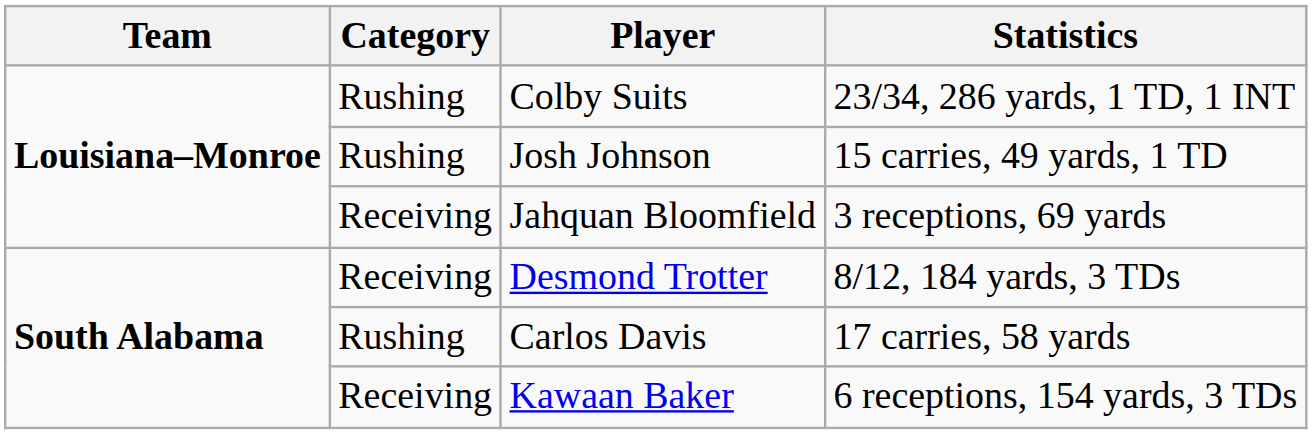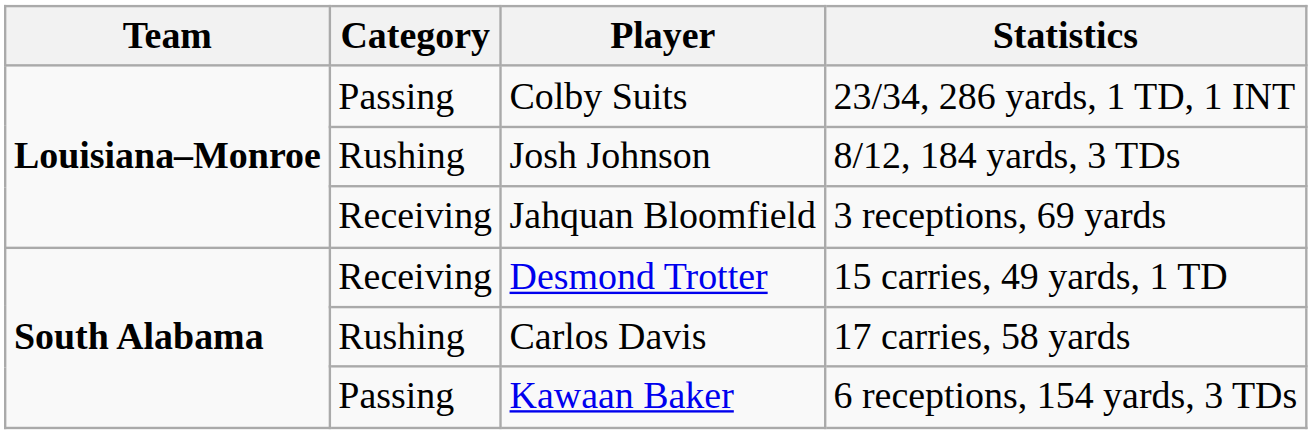 <table class="wikitable" style="float: left;">
 <tr>
 <th>Team</th>
 <th>Category</th>
 <th>Player</th>
 <th>Statistics</th>
 </tr>
 <tr>
 <td rowspan=3><strong>Louisiana–Monroe</strong></td>
-<td>Rushing</td>
+<td>Passing</td>
 <td>Colby Suits</td>
 <td>23/34, 286 yards, 1 TD, 1 INT</td>
 </tr>
 <tr>
 <td>Rushing</td>
 <td>Josh Johnson</td>
-<td>15 carries, 49 yards, 1 TD</td>
+<td>8/12, 184 yards, 3 TDs</td>
 </tr>
 <tr>
 <td>Receiving</td>
 <td>Jahquan Bloomfield</td>
 <td>3 receptions, 69 yards</td>
 </tr>
 <tr>
 <td rowspan=3><strong>South Alabama</strong></td>
 <td>Receiving</td>
 <td><a href='#'>Desmond Trotter</a></td>
-<td>8/12, 184 yards, 3 TDs</td>
+<td>15 carries, 49 yards, 1 TD</td>
 </tr>
 <tr>
 <td>Rushing</td>
 <td>Carlos Davis</td>
 <td>17 carries, 58 yards</td>
 </tr>
 <tr>
-<td>Receiving</td>
+<td>Passing</td>
 <td><a href='#'>Kawaan Baker</a></td>
 <td>6 receptions, 154 yards, 3 TDs</td>
 </tr>
 </table>
